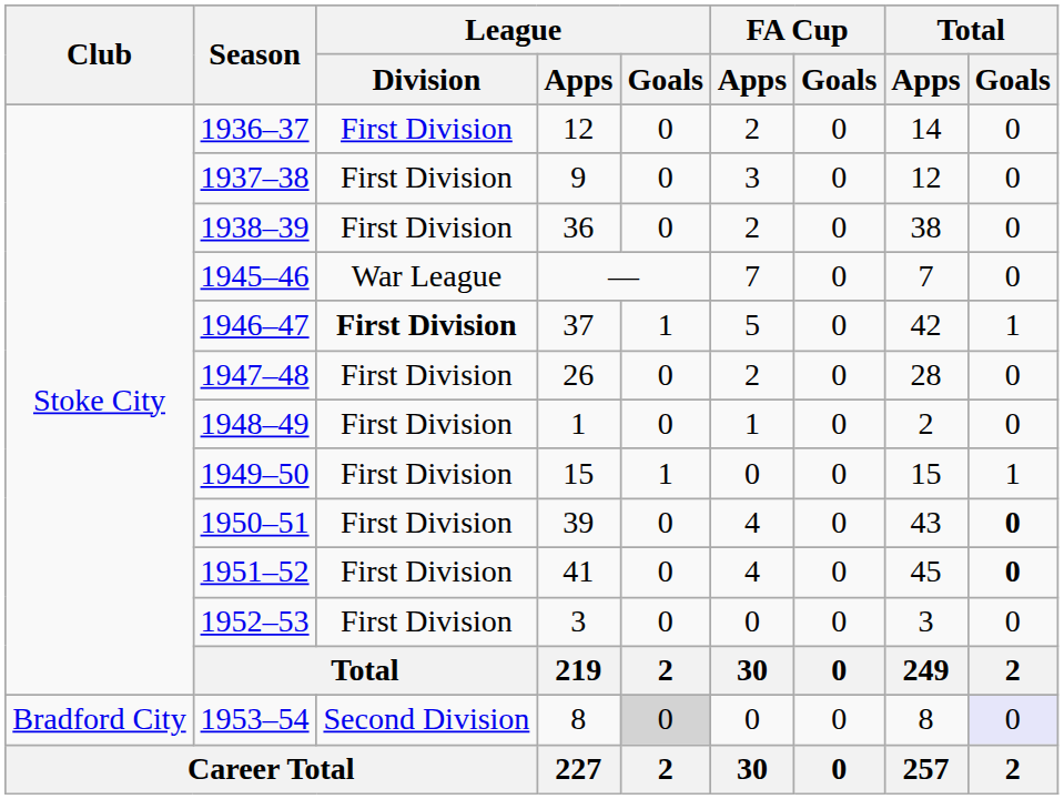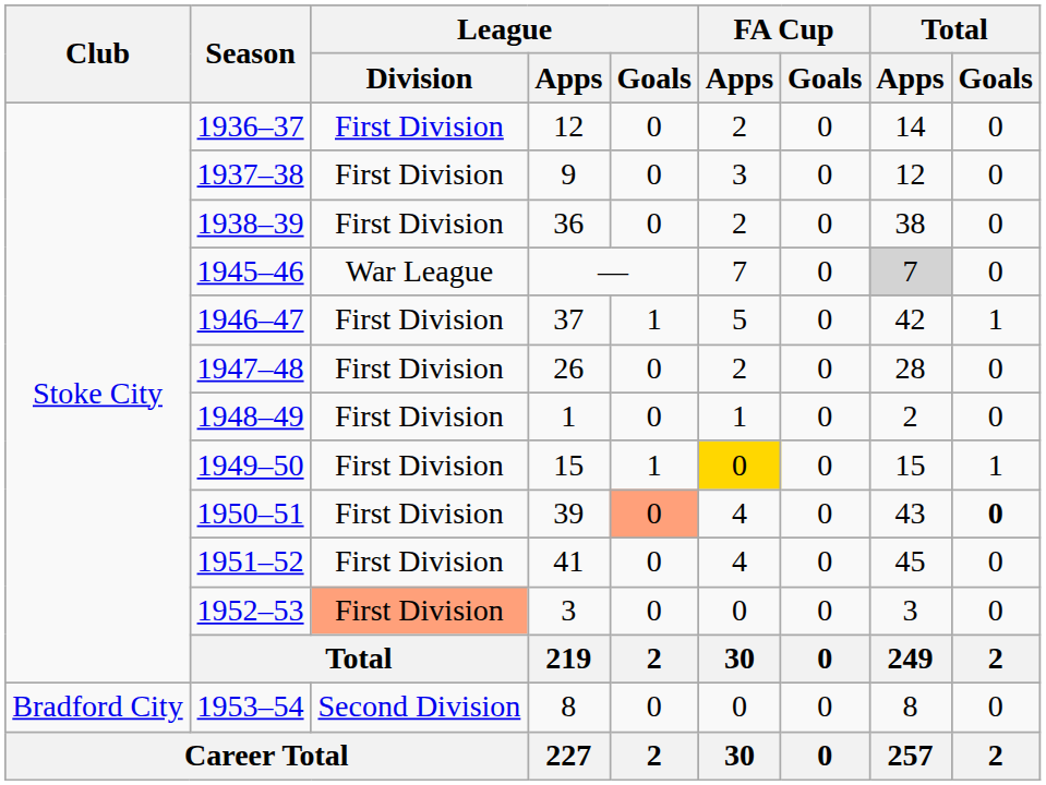 <table class="wikitable" style="text-align: center;">
 <tr>
 <th rowspan="2">Club</th>
 <th rowspan="2">Season</th>
 <th colspan="3">League</th>
 <th colspan="2">FA Cup</th>
 <th colspan="2">Total</th>
 </tr>
 <tr>
 <th>Division</th>
 <th>Apps</th>
 <th>Goals</th>
 <th>Apps</th>
 <th>Goals</th>
 <th>Apps</th>
 <th>Goals</th>
 </tr>
 <tr>
 <td rowspan="12"><a href='#'>Stoke City</a></td>
 <td><a href='#'>1936–37</a></td>
 <td><a href='#'>First Division</a></td>
 <td>12</td>
 <td>0</td>
 <td>2</td>
 <td>0</td>
 <td>14</td>
 <td>0</td>
 </tr>
 <tr>
 <td><a href='#'>1937–38</a></td>
 <td>First Division</td>
 <td>9</td>
 <td>0</td>
 <td>3</td>
 <td>0</td>
 <td>12</td>
 <td>0</td>
 </tr>
 <tr>
 <td><a href='#'>1938–39</a></td>
 <td>First Division</td>
 <td>36</td>
 <td>0</td>
 <td>2</td>
 <td>0</td>
 <td>38</td>
 <td>0</td>
 </tr>
 <tr>
 <td><a href='#'>1945–46</a></td>
 <td>War League</td>
 <td colspan="2">—</td>
 <td>7</td>
 <td>0</td>
-<td>7</td>
+<td style="background: lightgrey;">7</td>
 <td>0</td>
 </tr>
 <tr>
 <td><a href='#'>1946–47</a></td>
-<td><strong>First Division</strong></td>
+<td>First Division</td>
 <td>37</td>
 <td>1</td>
 <td>5</td>
 <td>0</td>
 <td>42</td>
 <td>1</td>
 </tr>
 <tr>
 <td><a href='#'>1947–48</a></td>
 <td>First Division</td>
 <td>26</td>
 <td>0</td>
 <td>2</td>
 <td>0</td>
 <td>28</td>
 <td>0</td>
 </tr>
 <tr>
 <td><a href='#'>1948–49</a></td>
 <td>First Division</td>
 <td>1</td>
 <td>0</td>
 <td>1</td>
 <td>0</td>
 <td>2</td>
 <td>0</td>
 </tr>
 <tr>
 <td><a href='#'>1949–50</a></td>
 <td>First Division</td>
 <td>15</td>
 <td>1</td>
-<td>0</td>
+<td style="background: gold;">0</td>
 <td>0</td>
 <td>15</td>
 <td>1</td>
 </tr>
 <tr>
 <td><a href='#'>1950–51</a></td>
 <td>First Division</td>
 <td>39</td>
-<td>0</td>
+<td style="background: lightsalmon;">0</td>
 <td>4</td>
 <td>0</td>
 <td>43</td>
 <td><strong>0</strong></td>
 </tr>
 <tr>
 <td><a href='#'>1951–52</a></td>
 <td>First Division</td>
 <td>41</td>
 <td>0</td>
 <td>4</td>
 <td>0</td>
 <td>45</td>
-<td><strong>0</strong></td>
+<td>0</td>
 </tr>
 <tr>
 <td><a href='#'>1952–53</a></td>
-<td>First Division</td>
+<td style="background: lightsalmon;">First Division</td>
 <td>3</td>
 <td>0</td>
 <td>0</td>
 <td>0</td>
 <td>3</td>
 <td>0</td>
 </tr>
 <tr>
 <th colspan=2>Total</th>
 <th>219</th>
 <th>2</th>
 <th>30</th>
 <th>0</th>
 <th>249</th>
 <th>2</th>
 </tr>
 <tr>
 <td><a href='#'>Bradford City</a></td>
 <td><a href='#'>1953–54</a></td>
 <td><a href='#'>Second Division</a></td>
 <td>8</td>
-<td style="background: lightgrey;">0</td>
+<td>0</td>
 <td>0</td>
 <td>0</td>
 <td>8</td>
-<td style="background: lavender;">0</td>
+<td>0</td>
 </tr>
 <tr>
 <th colspan="3">Career Total</th>
 <th>227</th>
 <th>2</th>
 <th>30</th>
 <th>0</th>
 <th>257</th>
 <th>2</th>
 </tr>
 </table>
